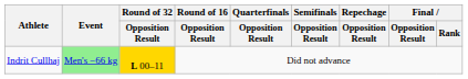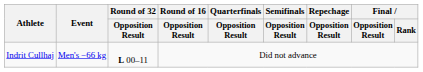 <table class="wikitable" style="font-size:90%">
 <tr>
 <th rowspan="2">Athlete</th>
 <th rowspan="2">Event</th>
 <th>Round of 32</th>
 <th>Round of 16</th>
 <th>Quarterfinals</th>
 <th>Semifinals</th>
 <th>Repechage</th>
 <th colspan=2>Final / </th>
 </tr>
 <tr style="font-size:95%">
 <th>Opposition<br>Result</th>
 <th>Opposition<br>Result</th>
 <th>Opposition<br>Result</th>
 <th>Opposition<br>Result</th>
 <th>Opposition<br>Result</th>
 <th>Opposition<br>Result</th>
 <th>Rank</th>
 </tr>
 <tr align=center>
 <td align=left><a href='#'>Indrit Cullhaj</a></td>
-<td align=left style="background: lightgreen;"><a href='#'>Men's −66 kg</a></td>
-<td style="background: gold;"><br><strong>L</strong> 00–11</td>
+<td align=left><a href='#'>Men's −66 kg</a></td>
+<td><br><strong>L</strong> 00–11</td>
 <td colspan=6>Did not advance</td>
 </tr>
 </table>
